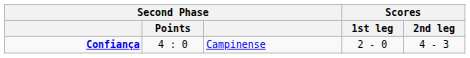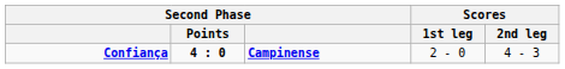 <table class="wikitable" style="text-align:center;">
 <tr>
 <th colspan=3>Second Phase</th>
 <th colspan=3>Scores</th>
 </tr>
 <tr>
 <th width="175"></th>
 <th width="75">Points</th>
 <th width="175"></th>
 <th width="75">1st leg</th>
 <th width="75">2nd leg</th>
 </tr>
 <tr>
 <td align=right><strong><a href='#'>Confiança</a></strong></td>
-<td>4 : 0</td>
-<td align=left><a href='#'>Campinense</a></td>
+<td><strong>4 : 0</strong></td>
+<td align=left><strong><a href='#'>Campinense</a></strong></td>
 <td>2 - 0</td>
 <td>4 - 3</td>
 </tr>
 </table>
